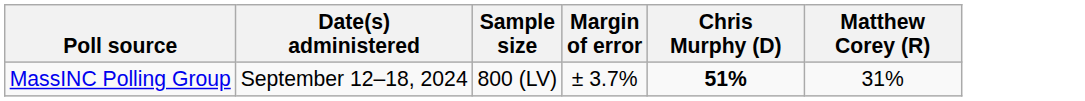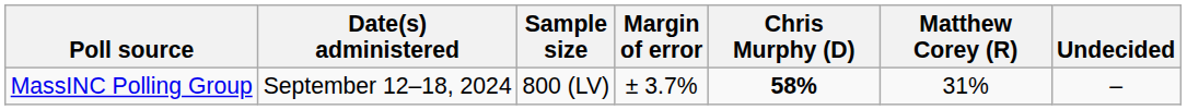 <table class="wikitable" style="font-size:90%;text-align:center;">
 <tr valign=bottom>
 <th>Poll source</th>
 <th>Date(s)<br>administered</th>
 <th>Sample<br>size</th>
 <th>Margin<br>of error</th>
 <th style="width:100px;">Chris<br>Murphy (D)</th>
 <th style="width:100px;">Matthew<br>Corey (R)</th>
+<th>Undecided</th>
 </tr>
 <tr>
 <td style="text-align:left"><a href='#'>MassINC Polling Group</a></td>
 <td>September 12–18, 2024</td>
 <td>800 (LV)</td>
 <td>± 3.7%</td>
-<td><strong>51%</strong></td>
+<td><strong>58%</strong></td>
 <td>31%</td>
+<td>–</td>
 </tr>
 </table>
